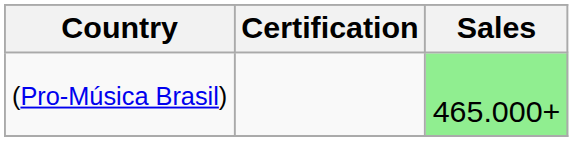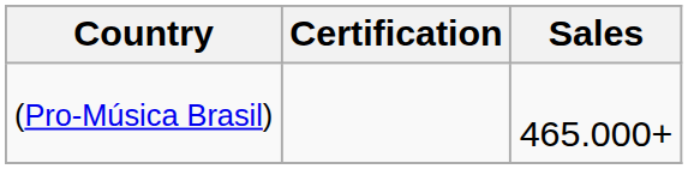 <table class="wikitable">
 <tr>
 <th>Country</th>
 <th>Certification</th>
 <th>Sales</th>
 </tr>
 <tr>
 <td> <small>(<a href='#'>Pro-Música Brasil</a>)</small></td>
 <td align="center"><br></td>
-<td style="background: lightgreen;"><br>465.000+</td>
+<td><br>465.000+</td>
 </tr>
 <tr>
 </tr>
 </table>
